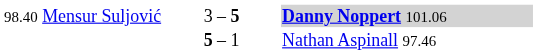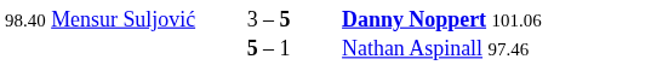 <table style="text-align:center">
 <tr>
 <th width=223></th>
 <th width=100></th>
 <th width=223></th>
 </tr>
 <tr>
 <td align=right><small><span>98.40</span></small> <a href='#'>Mensur Suljović</a> </td>
 <td>3 – <strong>5</strong></td>
-<td align=left style="background: lightgrey;"> <strong><a href='#'>Danny Noppert</a></strong> <small><span>101.06</span></small></td>
+<td align=left> <strong><a href='#'>Danny Noppert</a></strong> <small><span>101.06</span></small></td>
 </tr>
 <tr>
 <td align=right></td>
 <td><strong>5</strong> – 1</td>
 <td align=left> <a href='#'>Nathan Aspinall</a> <small><span>97.46</span></small></td>
 </tr>
 </table>
